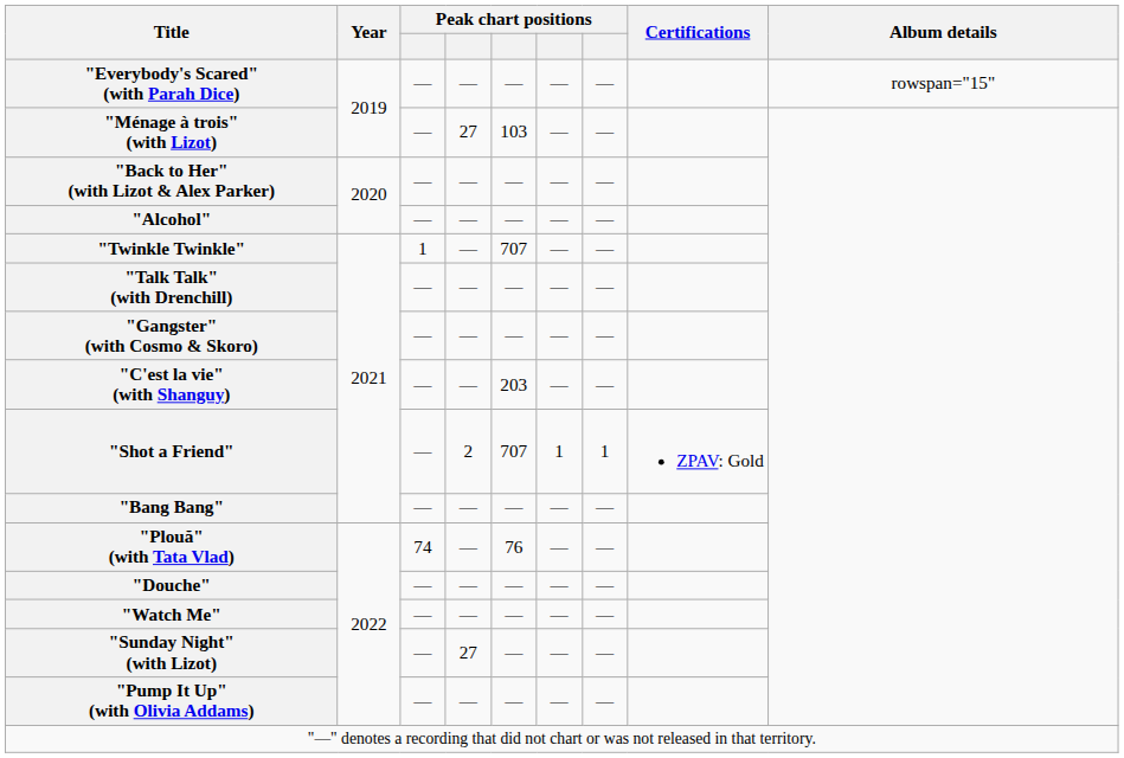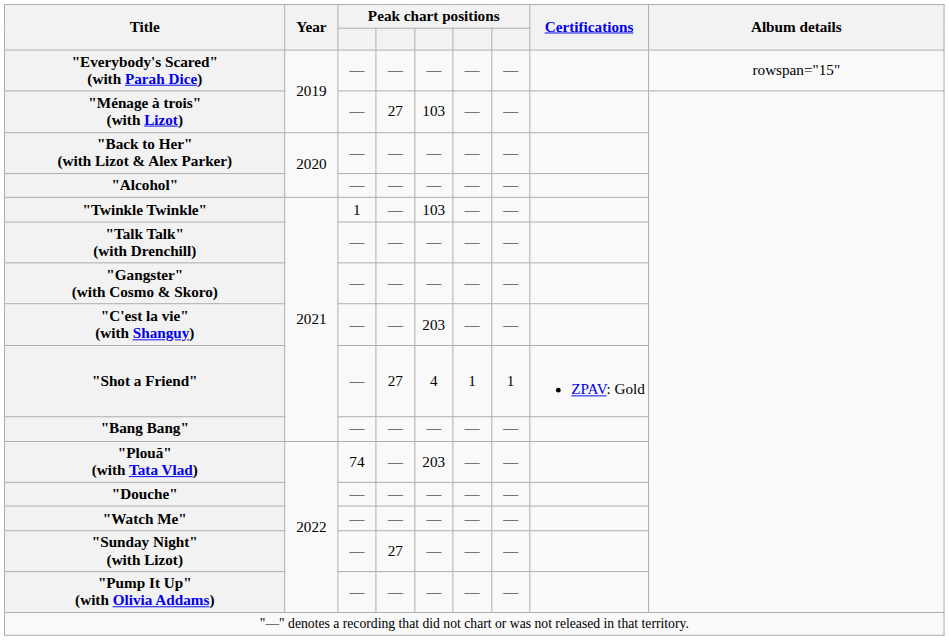 <table class="wikitable plainrowheaders" style="text-align:center;">
 <tr>
 <th rowspan="2" scope="col" style="width:18em;">Title</th>
 <th rowspan="2" scope="col" style="width:3em;">Year</th>
 <th colspan="5" scope="col">Peak chart positions</th>
 <th rowspan="2" scope="col"><a href='#'>Certifications</a></th>
 <th rowspan="2" scope="col" style="width:19em;">Album details</th>
 </tr>
 <tr>
 <th style="width:2.5em;font-size:85%;"><a href='#'></a><br></th>
 <th style="width:2.5em;font-size:85%;"><a href='#'></a><br></th>
 <th style="width:2.5em;font-size:85%;"><a href='#'></a><br></th>
 <th style="width:2.5em;font-size:85%;"><a href='#'></a><br></th>
 <th style="width:2.5em;font-size:85%;"><a href='#'></a><br></th>
 </tr>
 <tr>
 <th scope="row">"Everybody's Scared"<br><span>(with <a href='#'>Parah Dice</a>)</span></th>
 <td rowspan="2">2019</td>
 <td>—</td>
 <td>—</td>
 <td>—</td>
 <td>—</td>
 <td>—</td>
 <td></td>
 <td>rowspan="15" </td>
 </tr>
 <tr>
 <th scope="row">"Ménage à trois"<br><span>(with <a href='#'>Lizot</a>)</span></th>
 <td>—</td>
 <td>27</td>
 <td>103</td>
 <td>—</td>
 <td>—</td>
 <td></td>
 </tr>
 <tr>
 <th scope="row">"Back to Her"<br><span>(with Lizot & Alex Parker)</span></th>
 <td rowspan="2">2020</td>
 <td>—</td>
 <td>—</td>
 <td>—</td>
 <td>—</td>
 <td>—</td>
 <td></td>
 </tr>
 <tr>
 <th scope="row">"Alcohol"</th>
 <td>—</td>
 <td>—</td>
 <td>—</td>
 <td>—</td>
 <td>—</td>
 <td></td>
 </tr>
 <tr>
 <th scope="row">"Twinkle Twinkle"</th>
 <td rowspan="6">2021</td>
 <td>1</td>
 <td>—</td>
-<td>707</td>
+<td>103</td>
 <td>—</td>
 <td>—</td>
 <td></td>
 </tr>
 <tr>
 <th scope="row">"Talk Talk"<br><span>(with Drenchill)</span></th>
 <td>—</td>
 <td>—</td>
 <td>—</td>
 <td>—</td>
 <td>—</td>
 <td></td>
 </tr>
 <tr>
 <th scope="row">"Gangster"<br><span>(with Cosmo & Skoro)</span></th>
 <td>—</td>
 <td>—</td>
 <td>—</td>
 <td>—</td>
 <td>—</td>
 <td></td>
 </tr>
 <tr>
 <th scope="row">"C'est la vie"<br><span>(with <a href='#'>Shanguy</a>)</span></th>
 <td>—</td>
 <td>—</td>
 <td>203</td>
 <td>—</td>
 <td>—</td>
 <td></td>
 </tr>
 <tr>
 <th scope="row">"Shot a Friend"</th>
 <td>—</td>
-<td>2</td>
-<td>707</td>
+<td>27</td>
+<td>4</td>
 <td>1</td>
 <td>1</td>
 <td><br><ul><li><a href='#'>ZPAV</a>: Gold</li></ul></td>
 </tr>
 <tr>
 <th scope="row">"Bang Bang"</th>
 <td>—</td>
 <td>—</td>
 <td>—</td>
 <td>—</td>
 <td>—</td>
 <td></td>
 </tr>
 <tr>
 <th scope="row">"Plouă"<br><span>(with <a href='#'>Tata Vlad</a>)</span></th>
 <td rowspan="5">2022</td>
 <td>74</td>
 <td>—</td>
-<td>76</td>
+<td>203</td>
 <td>—</td>
 <td>—</td>
 <td></td>
 </tr>
 <tr>
 <th scope="row">"Douche"</th>
 <td>—</td>
 <td>—</td>
 <td>—</td>
 <td>—</td>
 <td>—</td>
 <td></td>
 </tr>
 <tr>
 <th scope="row">"Watch Me"</th>
 <td>—</td>
 <td>—</td>
 <td>—</td>
 <td>—</td>
 <td>—</td>
 <td></td>
 </tr>
 <tr>
 <th scope="row">"Sunday Night"<br><span>(with Lizot)</span></th>
 <td>—</td>
 <td>27</td>
 <td>—</td>
 <td>—</td>
 <td>—</td>
 <td></td>
 </tr>
 <tr>
 <th scope="row">"Pump It Up"<br><span>(with <a href='#'>Olivia Addams</a>)</span></th>
 <td>—</td>
 <td>—</td>
 <td>—</td>
 <td>—</td>
 <td>—</td>
 <td></td>
 </tr>
 <tr>
 <td colspan="9" style="font-size:90%">"—" denotes a recording that did not chart or was not released in that territory.</td>
 </tr>
 </table>
